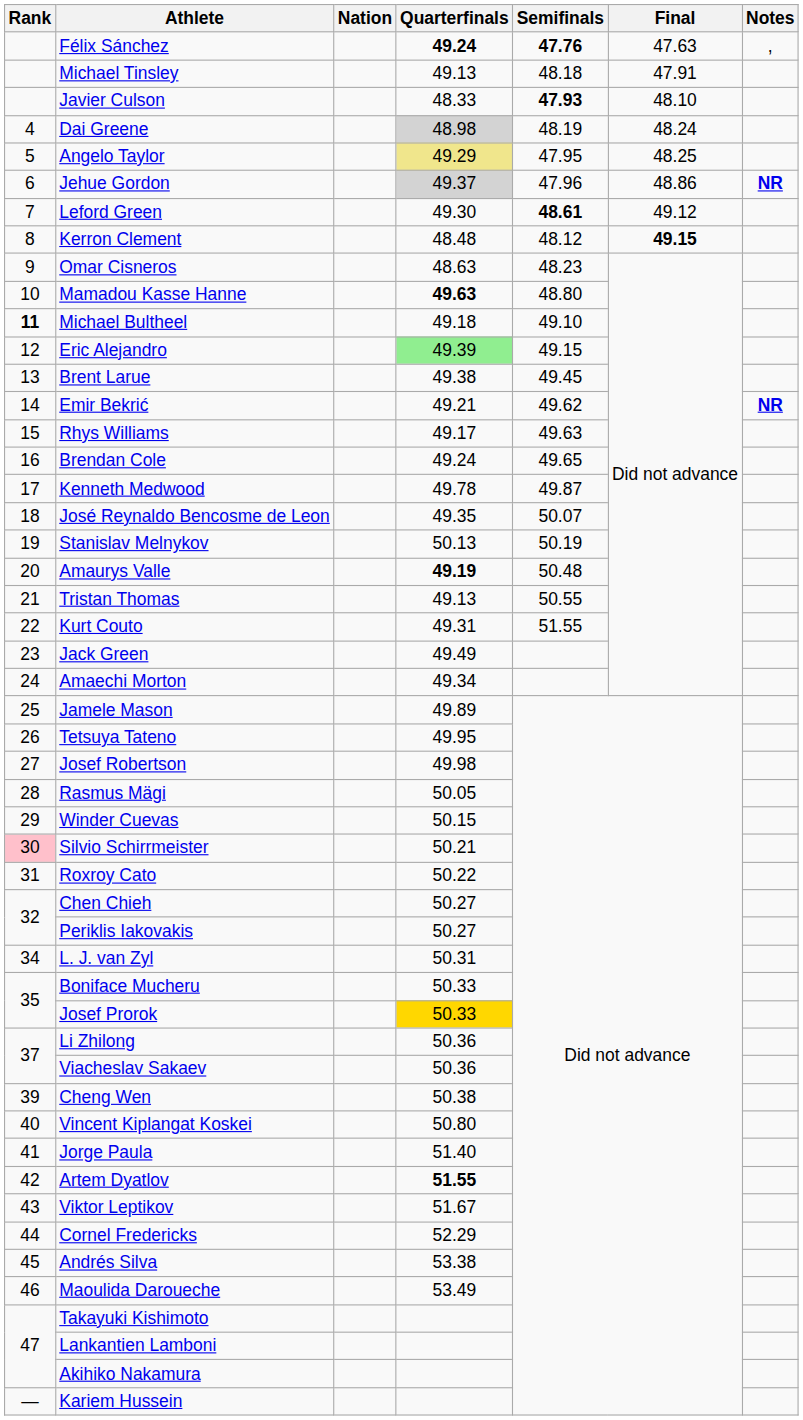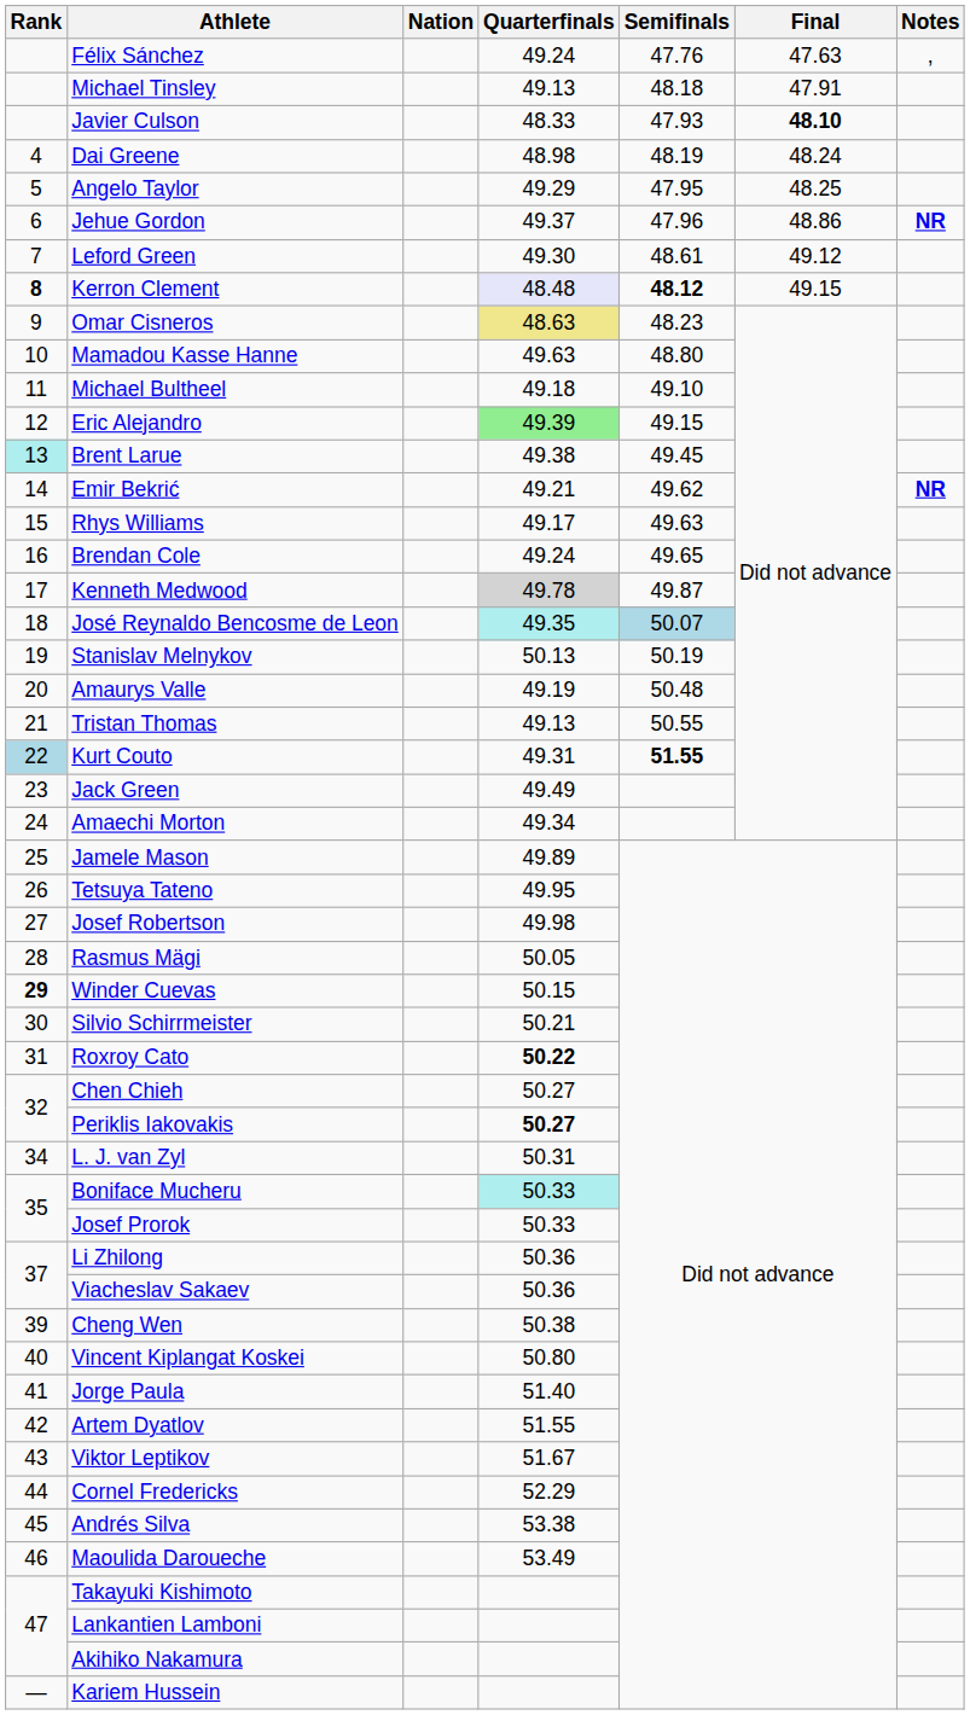 <table class="wikitable sortable" style="text-align:center">
 <tr>
 <th>Rank</th>
 <th>Athlete</th>
 <th>Nation</th>
 <th>Quarterfinals</th>
 <th>Semifinals</th>
 <th>Final</th>
 <th>Notes</th>
 </tr>
 <tr>
 <td></td>
 <td align=left><a href='#'>Félix Sánchez</a></td>
 <td align=left></td>
-<td><strong>49.24</strong></td>
-<td><strong>47.76</strong></td>
+<td>49.24</td>
+<td>47.76</td>
 <td>47.63</td>
 <td>, </td>
 </tr>
 <tr>
 <td></td>
 <td align=left><a href='#'>Michael Tinsley</a></td>
 <td align=left></td>
 <td>49.13</td>
 <td>48.18</td>
 <td>47.91</td>
 <td></td>
 </tr>
 <tr>
 <td></td>
 <td align=left><a href='#'>Javier Culson</a></td>
 <td align=left></td>
 <td>48.33</td>
-<td><strong>47.93</strong></td>
-<td>48.10</td>
+<td>47.93</td>
+<td><strong>48.10</strong></td>
 <td></td>
 </tr>
 <tr>
 <td>4</td>
 <td align=left><a href='#'>Dai Greene</a></td>
 <td align=left></td>
-<td style="background: lightgrey;">48.98</td>
+<td>48.98</td>
 <td>48.19</td>
 <td>48.24</td>
 <td></td>
 </tr>
 <tr>
 <td>5</td>
 <td align=left><a href='#'>Angelo Taylor</a></td>
 <td align=left></td>
-<td style="background: khaki;">49.29</td>
+<td>49.29</td>
 <td>47.95</td>
 <td>48.25</td>
 <td></td>
 </tr>
 <tr>
 <td>6</td>
 <td align=left><a href='#'>Jehue Gordon</a></td>
 <td align=left></td>
-<td style="background: lightgrey;">49.37</td>
+<td>49.37</td>
 <td>47.96</td>
 <td>48.86</td>
 <td><strong><a href='#'>NR</a></strong></td>
 </tr>
 <tr>
 <td>7</td>
 <td align=left><a href='#'>Leford Green</a></td>
 <td align=left></td>
 <td>49.30</td>
-<td><strong>48.61</strong></td>
+<td>48.61</td>
 <td>49.12</td>
 <td></td>
 </tr>
 <tr>
-<td>8</td>
+<td><strong>8</strong></td>
 <td align=left><a href='#'>Kerron Clement</a></td>
 <td align=left></td>
-<td>48.48</td>
-<td>48.12</td>
-<td><strong>49.15</strong></td>
+<td style="background: lavender;">48.48</td>
+<td><strong>48.12</strong></td>
+<td>49.15</td>
 <td></td>
 </tr>
 <tr>
 <td>9</td>
 <td align=left><a href='#'>Omar Cisneros</a></td>
 <td align=left></td>
-<td>48.63</td>
+<td style="background: khaki;">48.63</td>
 <td>48.23</td>
 <td rowspan=16 data-sort-value=99.99>Did not advance</td>
 <td></td>
 </tr>
 <tr>
 <td>10</td>
 <td align=left><a href='#'>Mamadou Kasse Hanne</a></td>
 <td align=left></td>
-<td><strong>49.63</strong></td>
+<td>49.63</td>
 <td>48.80</td>
 <td></td>
 </tr>
 <tr>
-<td><strong>11</strong></td>
+<td>11</td>
 <td align=left><a href='#'>Michael Bultheel</a></td>
 <td align=left></td>
 <td>49.18</td>
 <td>49.10</td>
 <td></td>
 </tr>
 <tr>
 <td>12</td>
 <td align=left><a href='#'>Eric Alejandro</a></td>
 <td align=left></td>
 <td style="background: lightgreen;">49.39</td>
 <td>49.15</td>
 <td></td>
 </tr>
 <tr>
-<td>13</td>
+<td style="background: paleturquoise;">13</td>
 <td align=left><a href='#'>Brent Larue</a></td>
 <td align=left></td>
 <td>49.38</td>
 <td>49.45</td>
 <td></td>
 </tr>
 <tr>
 <td>14</td>
 <td align=left><a href='#'>Emir Bekrić</a></td>
 <td align=left></td>
 <td>49.21</td>
 <td>49.62</td>
 <td><strong><a href='#'>NR</a></strong></td>
 </tr>
 <tr>
 <td>15</td>
 <td align=left><a href='#'>Rhys Williams</a></td>
 <td align=left></td>
 <td>49.17</td>
 <td>49.63</td>
 <td></td>
 </tr>
 <tr>
 <td>16</td>
 <td align=left><a href='#'>Brendan Cole</a></td>
 <td align=left></td>
 <td>49.24</td>
 <td>49.65</td>
 <td></td>
 </tr>
 <tr>
 <td>17</td>
 <td align=left><a href='#'>Kenneth Medwood</a></td>
 <td align=left></td>
-<td>49.78</td>
+<td style="background: lightgrey;">49.78</td>
 <td>49.87</td>
 <td></td>
 </tr>
 <tr>
 <td>18</td>
 <td align=left><a href='#'>José Reynaldo Bencosme de Leon</a></td>
 <td align=left></td>
-<td>49.35</td>
-<td>50.07</td>
+<td style="background: paleturquoise;">49.35</td>
+<td style="background: lightblue;">50.07</td>
 <td></td>
 </tr>
 <tr>
 <td>19</td>
 <td align=left><a href='#'>Stanislav Melnykov</a></td>
 <td align=left></td>
 <td>50.13</td>
 <td>50.19</td>
 <td></td>
 </tr>
 <tr>
 <td>20</td>
 <td align=left><a href='#'>Amaurys Valle</a></td>
 <td align=left></td>
-<td><strong>49.19</strong></td>
+<td>49.19</td>
 <td>50.48</td>
 <td></td>
 </tr>
 <tr>
 <td>21</td>
 <td align=left><a href='#'>Tristan Thomas</a></td>
 <td align=left></td>
 <td>49.13</td>
 <td>50.55</td>
 <td></td>
 </tr>
 <tr>
-<td>22</td>
+<td style="background: lightblue;">22</td>
 <td align=left><a href='#'>Kurt Couto</a></td>
 <td align=left></td>
 <td>49.31</td>
-<td>51.55</td>
+<td><strong>51.55</strong></td>
 <td></td>
 </tr>
 <tr>
 <td>23</td>
 <td align=left><a href='#'>Jack Green</a></td>
 <td align=left></td>
 <td>49.49</td>
 <td data-sort-value=70.00></td>
 <td></td>
 </tr>
 <tr>
 <td>24</td>
 <td align=left><a href='#'>Amaechi Morton</a></td>
 <td align=left></td>
 <td>49.34</td>
 <td data-sort-value=80.00></td>
 <td></td>
 </tr>
 <tr>
 <td>25</td>
 <td align=left><a href='#'>Jamele Mason</a></td>
 <td align=left></td>
 <td>49.89</td>
 <td rowspan=26 colspan=2 data-sort-value=99.99>Did not advance</td>
 <td></td>
 </tr>
 <tr>
 <td>26</td>
 <td align=left><a href='#'>Tetsuya Tateno</a></td>
 <td align=left></td>
 <td>49.95</td>
 <td></td>
 </tr>
 <tr>
 <td>27</td>
 <td align=left><a href='#'>Josef Robertson</a></td>
 <td align=left></td>
 <td>49.98</td>
 <td></td>
 </tr>
 <tr>
 <td>28</td>
 <td align=left><a href='#'>Rasmus Mägi</a></td>
 <td align=left></td>
 <td>50.05</td>
 <td></td>
 </tr>
 <tr>
-<td>29</td>
+<td><strong>29</strong></td>
 <td align=left><a href='#'>Winder Cuevas</a></td>
 <td align=left></td>
 <td>50.15</td>
 <td></td>
 </tr>
 <tr>
-<td style="background: pink;">30</td>
+<td>30</td>
 <td align=left><a href='#'>Silvio Schirrmeister</a></td>
 <td align=left></td>
 <td>50.21</td>
 <td></td>
 </tr>
 <tr>
 <td>31</td>
 <td align=left><a href='#'>Roxroy Cato</a></td>
 <td align=left></td>
-<td>50.22</td>
+<td><strong>50.22</strong></td>
 <td></td>
 </tr>
 <tr>
 <td rowspan=2>32</td>
 <td align=left><a href='#'>Chen Chieh</a></td>
 <td align=left></td>
 <td>50.27</td>
 <td></td>
 </tr>
 <tr>
 <td align=left><a href='#'>Periklis Iakovakis</a></td>
 <td align=left></td>
-<td>50.27</td>
+<td><strong>50.27</strong></td>
 <td></td>
 </tr>
 <tr>
 <td>34</td>
 <td align=left><a href='#'>L. J. van Zyl</a></td>
 <td align=left></td>
 <td>50.31</td>
 <td></td>
 </tr>
 <tr>
 <td rowspan=2>35</td>
 <td align=left><a href='#'>Boniface Mucheru</a></td>
 <td align=left></td>
-<td>50.33</td>
+<td style="background: paleturquoise;">50.33</td>
 <td></td>
 </tr>
 <tr>
 <td align=left><a href='#'>Josef Prorok</a></td>
 <td align=left></td>
-<td style="background: gold;">50.33</td>
+<td>50.33</td>
 <td></td>
 </tr>
 <tr>
 <td rowspan=2>37</td>
 <td align=left><a href='#'>Li Zhilong</a></td>
 <td align=left></td>
 <td>50.36</td>
 <td></td>
 </tr>
 <tr>
 <td align=left><a href='#'>Viacheslav Sakaev</a></td>
 <td align=left></td>
 <td>50.36</td>
 <td></td>
 </tr>
 <tr>
 <td>39</td>
 <td align=left><a href='#'>Cheng Wen</a></td>
 <td align=left></td>
 <td>50.38</td>
 <td></td>
 </tr>
 <tr>
 <td>40</td>
 <td align=left><a href='#'>Vincent Kiplangat Koskei</a></td>
 <td align=left></td>
 <td>50.80</td>
 <td></td>
 </tr>
 <tr>
 <td>41</td>
 <td align=left><a href='#'>Jorge Paula</a></td>
 <td align=left></td>
 <td>51.40</td>
 <td></td>
 </tr>
 <tr>
 <td>42</td>
 <td align=left><a href='#'>Artem Dyatlov</a></td>
 <td align=left></td>
-<td><strong>51.55</strong></td>
+<td>51.55</td>
 <td></td>
 </tr>
 <tr>
 <td>43</td>
 <td align=left><a href='#'>Viktor Leptikov</a></td>
 <td align=left></td>
 <td>51.67</td>
 <td></td>
 </tr>
 <tr>
 <td>44</td>
 <td align=left><a href='#'>Cornel Fredericks</a></td>
 <td align=left></td>
 <td>52.29</td>
 <td></td>
 </tr>
 <tr>
 <td>45</td>
 <td align=left><a href='#'>Andrés Silva</a></td>
 <td align=left></td>
 <td>53.38</td>
 <td></td>
 </tr>
 <tr>
 <td>46</td>
 <td align=left><a href='#'>Maoulida Daroueche</a></td>
 <td align=left></td>
 <td>53.49</td>
 <td></td>
 </tr>
 <tr>
 <td rowspan=3>47</td>
 <td align=left><a href='#'>Takayuki Kishimoto</a></td>
 <td align=left></td>
 <td data-sort-value=80.00></td>
 <td></td>
 </tr>
 <tr>
 <td align=left><a href='#'>Lankantien Lamboni</a></td>
 <td align=left></td>
 <td data-sort-value=80.00></td>
 <td></td>
 </tr>
 <tr>
 <td align=left><a href='#'>Akihiko Nakamura</a></td>
 <td align=left></td>
 <td data-sort-value=80.00></td>
 <td></td>
 </tr>
 <tr>
 <td data-sort-value=50>—</td>
 <td align=left><a href='#'>Kariem Hussein</a></td>
 <td align=left></td>
 <td data-sort-value=90.00></td>
 <td></td>
 </tr>
 </table>
